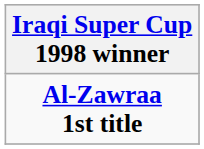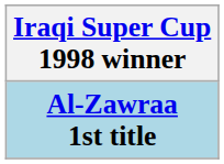 <table class="wikitable" style="text-align: center; margin: 0 auto;">
 <tr>
 <th><a href='#'>Iraqi Super Cup</a><br>1998 winner</th>
 </tr>
 <tr>
-<td><strong><a href='#'>Al-Zawraa</a></strong><br><strong>1st title</strong></td>
+<td style="background: lightblue;"><strong><a href='#'>Al-Zawraa</a></strong><br><strong>1st title</strong></td>
 </tr>
 </table>
